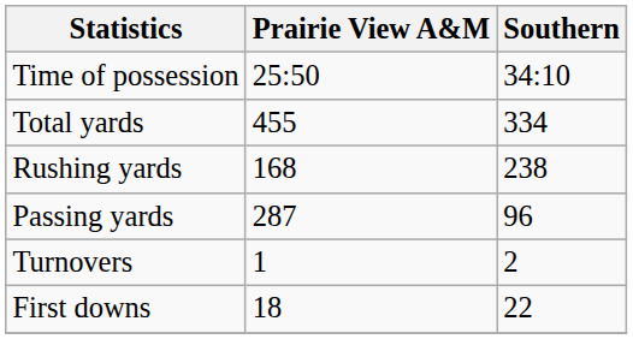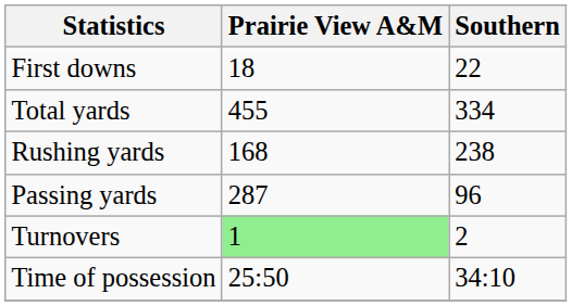 <table class="wikitable">
 <tr>
 <th>Statistics</th>
 <th>Prairie View A&M</th>
 <th>Southern</th>
 </tr>
 <tr>
-<td>Time of possession</td>
-<td>25:50</td>
-<td>34:10</td>
+<td>First downs</td>
+<td>18</td>
+<td>22</td>
 </tr>
 <tr>
 <td>Total yards</td>
 <td>455</td>
 <td>334</td>
 </tr>
 <tr>
 <td>Rushing yards</td>
 <td>168</td>
 <td>238</td>
 </tr>
 <tr>
 <td>Passing yards</td>
 <td>287</td>
 <td>96</td>
 </tr>
 <tr>
 <td>Turnovers</td>
-<td>1</td>
+<td style="background: lightgreen;">1</td>
 <td>2</td>
 </tr>
 <tr>
-<td>First downs</td>
-<td>18</td>
-<td>22</td>
+<td>Time of possession</td>
+<td>25:50</td>
+<td>34:10</td>
 </tr>
 <tr>
 </tr>
 </table>
